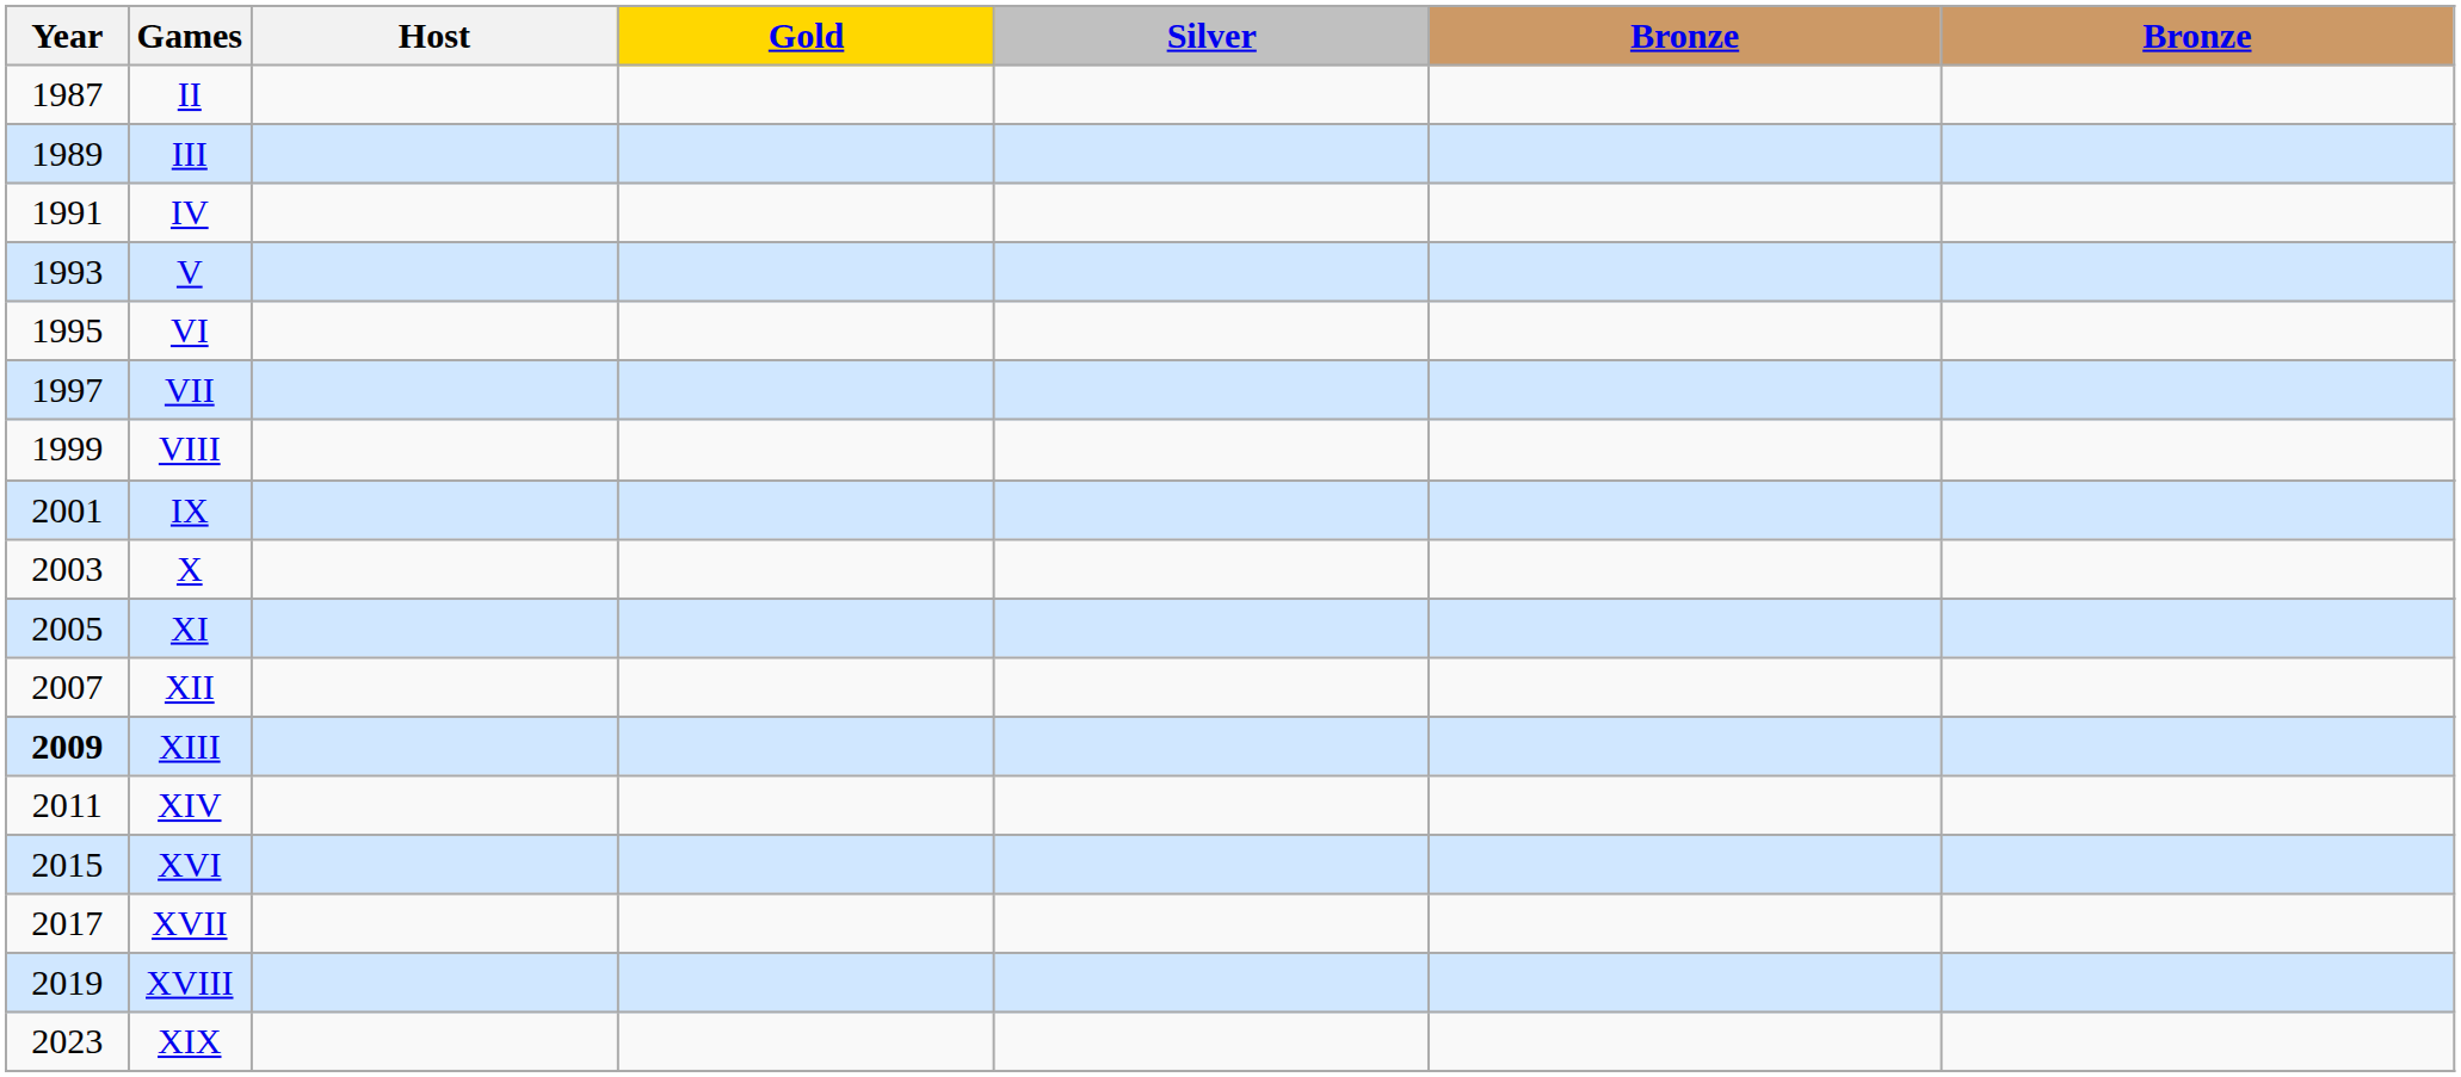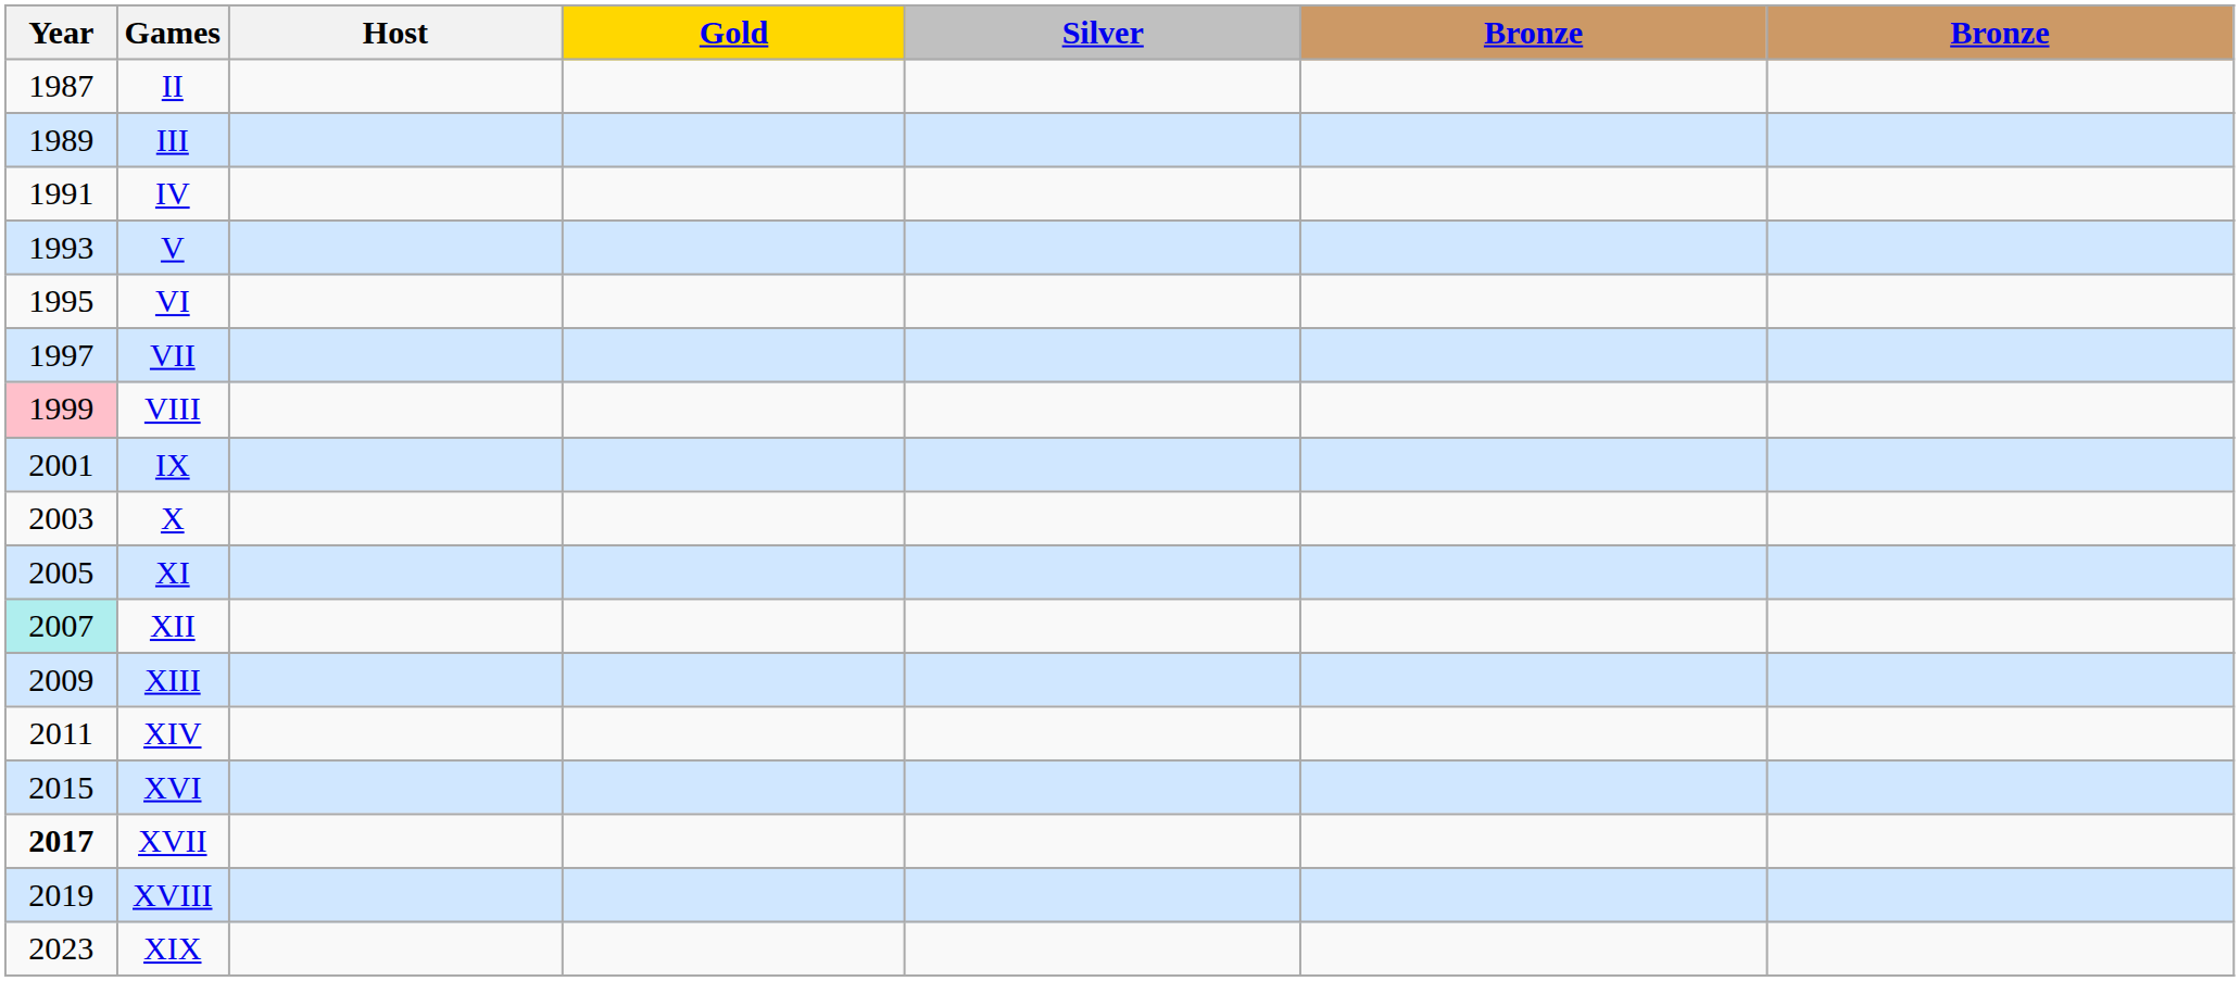 <table class="wikitable" style="text-align: center; font-size:95%;">
 <tr>
 <th rowspan="2" style="width:5%;">Year</th>
 <th rowspan="2" style="width:5%;">Games</th>
 <th rowspan="2" style="width:15%;">Host</th>
 </tr>
 <tr>
 <th style="background-color: gold"><a href='#'>Gold</a></th>
 <th style="background-color: silver"><a href='#'>Silver</a></th>
 <th style="background-color: #CC9966"><a href='#'>Bronze</a></th>
 <th style="background-color: #CC9966"><a href='#'>Bronze</a></th>
 </tr>
 <tr>
 <td>1987</td>
 <td align=center><a href='#'>II</a></td>
 <td align="left"></td>
 <td align="left"></td>
 <td align="left"></td>
 <td align="left"></td>
 <td align="left"></td>
 </tr>
 <tr>
 </tr>
 <tr style="text-align:center; background:#d0e7ff;">
 <td>1989</td>
 <td align=center><a href='#'>III</a></td>
 <td align="left"></td>
 <td align="left"></td>
 <td align="left"></td>
 <td align="left"></td>
 <td></td>
 </tr>
 <tr>
 <td>1991</td>
 <td align=center><a href='#'>IV</a></td>
 <td align="left"></td>
 <td align="left"></td>
 <td align="left"></td>
 <td align="left"></td>
 <td></td>
 </tr>
 <tr>
 </tr>
 <tr style="text-align:center; background:#d0e7ff;">
 <td>1993</td>
 <td align=center><a href='#'>V</a></td>
 <td align="left"></td>
 <td align="left"></td>
 <td align="left"></td>
 <td align="left"></td>
 <td></td>
 </tr>
 <tr>
 <td>1995</td>
 <td align=center><a href='#'>VI</a></td>
 <td align="left"></td>
 <td align="left"></td>
 <td align="left"></td>
 <td align="left"></td>
 <td align="left"></td>
 </tr>
 <tr>
 </tr>
 <tr style="text-align:center; background:#d0e7ff;">
 <td>1997</td>
 <td align=center><a href='#'>VII</a></td>
 <td align="left"></td>
 <td align="left"></td>
 <td align="left"></td>
 <td align="left"></td>
 <td align="left"></td>
 </tr>
 <tr>
-<td>1999</td>
+<td style="background: pink;">1999</td>
 <td align=center><a href='#'>VIII</a></td>
 <td align="left"></td>
 <td align="left"></td>
 <td align="left"></td>
 <td align="left"></td>
 <td align="left"></td>
 </tr>
 <tr>
 </tr>
 <tr style="text-align:center; background:#d0e7ff;">
 <td>2001</td>
 <td align=center><a href='#'>IX</a></td>
 <td align="left"></td>
 <td align="left"></td>
 <td align="left"></td>
 <td align="left"></td>
 <td align="left"></td>
 </tr>
 <tr>
 <td>2003</td>
 <td align=center><a href='#'>X</a></td>
 <td align="left"></td>
 <td align="left"></td>
 <td align="left"></td>
 <td align="left"></td>
 <td align="left"></td>
 </tr>
 <tr>
 </tr>
 <tr style="text-align:center; background:#d0e7ff;">
 <td>2005</td>
 <td align=center><a href='#'>XI</a></td>
 <td align="left"></td>
 <td align="left"></td>
 <td align="left"></td>
 <td align="left"></td>
 <td align="left"></td>
 </tr>
 <tr>
-<td>2007</td>
+<td style="background: paleturquoise;">2007</td>
 <td align=center><a href='#'>XII</a></td>
 <td align="left"></td>
 <td align="left"></td>
 <td align="left"></td>
 <td align="left"></td>
 <td align="left"></td>
 </tr>
 <tr>
 </tr>
 <tr style="text-align:center; background:#d0e7ff;">
-<td><strong>2009</strong></td>
+<td>2009</td>
 <td align=center><a href='#'>XIII</a></td>
 <td align="left"></td>
 <td align="left"></td>
 <td align="left"></td>
 <td align="left"></td>
 <td align="left"></td>
 </tr>
 <tr>
 <td>2011</td>
 <td align=center><a href='#'>XIV</a></td>
 <td align="left"></td>
 <td align="left"></td>
 <td align="left"></td>
 <td align="left"></td>
 <td align="left"></td>
 </tr>
 <tr style="text-align:center; background:#d0e7ff;">
 <td>2015</td>
 <td align=center><a href='#'>XVI</a></td>
 <td align="left"></td>
 <td align="left"></td>
 <td align="left"></td>
 <td align="left"></td>
 <td></td>
 </tr>
 <tr>
-<td>2017</td>
+<td><strong>2017</strong></td>
 <td align=center><a href='#'>XVII</a></td>
 <td align="left"></td>
 <td align="left"></td>
 <td align="left"></td>
 <td align="left"></td>
 <td align="left"></td>
 </tr>
 <tr style="text-align:center; background:#d0e7ff;">
 <td>2019</td>
 <td align=center><a href='#'>XVIII</a></td>
 <td align="left"></td>
 <td align="left"></td>
 <td align="left"></td>
 <td align="left"></td>
 <td align="left"></td>
 </tr>
 <tr>
 <td>2023</td>
 <td align=center><a href='#'>XIX</a></td>
 <td align="left"></td>
 <td align="left"></td>
 <td align="left"></td>
 <td align="left"></td>
 <td align="left"></td>
 </tr>
 <tr>
 </tr>
 </table>
